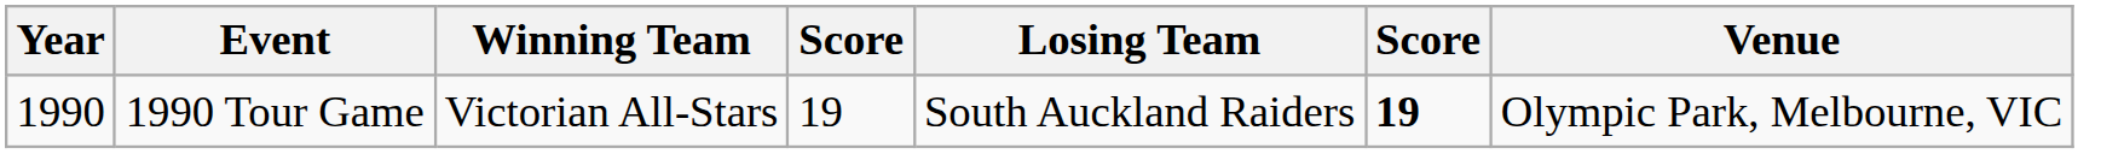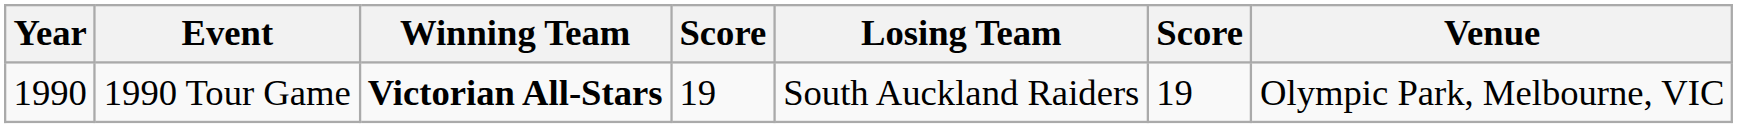 <table class="wikitable">
 <tr>
 <th>Year</th>
 <th>Event</th>
 <th>Winning Team</th>
 <th>Score</th>
 <th>Losing Team</th>
 <th>Score</th>
 <th>Venue</th>
 </tr>
 <tr>
 <td>1990</td>
 <td>1990 Tour Game</td>
-<td>Victorian All-Stars</td>
+<td><strong>Victorian All-Stars</strong></td>
 <td>19</td>
 <td>South Auckland Raiders</td>
-<td><strong>19</strong></td>
+<td>19</td>
 <td>Olympic Park, Melbourne, VIC</td>
 </tr>
 </table>
